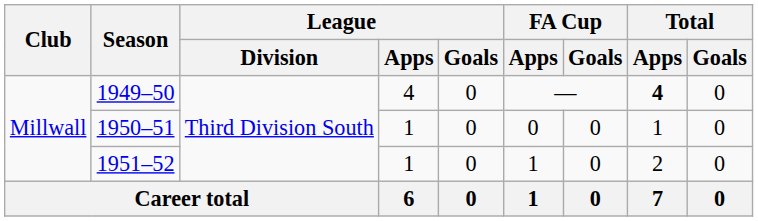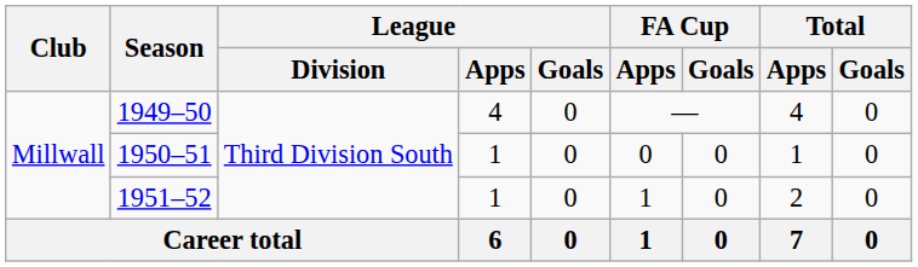 <table class="wikitable" style="text-align: center;">
 <tr>
 <th rowspan="2">Club</th>
 <th rowspan="2">Season</th>
 <th colspan="3">League</th>
 <th colspan="2">FA Cup</th>
 <th colspan="2">Total</th>
 </tr>
 <tr>
 <th>Division</th>
 <th>Apps</th>
 <th>Goals</th>
 <th>Apps</th>
 <th>Goals</th>
 <th>Apps</th>
 <th>Goals</th>
 </tr>
 <tr>
 <td rowspan="3"><a href='#'>Millwall</a></td>
 <td><a href='#'>1949–50</a></td>
 <td rowspan="3"><a href='#'>Third Division South</a></td>
 <td>4</td>
 <td>0</td>
 <td colspan="2">—</td>
-<td><strong>4</strong></td>
+<td>4</td>
 <td>0</td>
 </tr>
 <tr>
 <td><a href='#'>1950–51</a></td>
 <td>1</td>
 <td>0</td>
 <td>0</td>
 <td>0</td>
 <td>1</td>
 <td>0</td>
 </tr>
 <tr>
 <td><a href='#'>1951–52</a></td>
 <td>1</td>
 <td>0</td>
 <td>1</td>
 <td>0</td>
 <td>2</td>
 <td>0</td>
 </tr>
 <tr>
 <th colspan="3">Career total</th>
 <th>6</th>
 <th>0</th>
 <th>1</th>
 <th>0</th>
 <th>7</th>
 <th>0</th>
 </tr>
 </table>
